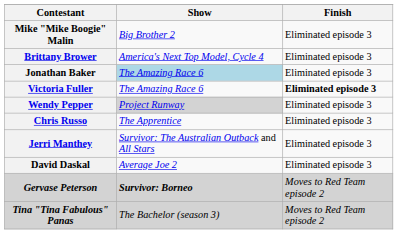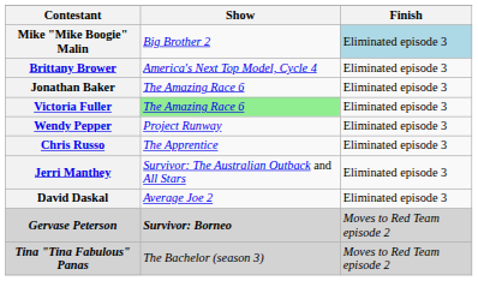 <table class="wikitable plainrowheaders sortable">
 <tr>
 </tr>
 <tr>
 <th scope="col">Contestant</th>
 <th scope="col">Show</th>
 <th scope="col">Finish</th>
 </tr>
 <tr>
 <th scope="row">Mike "Mike Boogie" Malin</th>
 <td><em><a href='#'>Big Brother 2</a></em></td>
-<td>Eliminated episode 3</td>
+<td style="background: lightblue;">Eliminated episode 3</td>
 </tr>
 <tr>
 <th scope="row"><a href='#'>Brittany Brower</a></th>
 <td><em><a href='#'>America's Next Top Model, Cycle 4</a></em></td>
 <td>Eliminated episode 3</td>
 </tr>
 <tr>
 <th scope="row">Jonathan Baker</th>
-<td style="background: lightblue;"><em><a href='#'>The Amazing Race 6</a></em></td>
+<td><em><a href='#'>The Amazing Race 6</a></em></td>
 <td>Eliminated episode 3</td>
 </tr>
 <tr>
 <th scope="row"><a href='#'>Victoria Fuller</a></th>
-<td><em><a href='#'>The Amazing Race 6</a></em></td>
-<td><strong>Eliminated episode 3</strong></td>
+<td style="background: lightgreen;"><em><a href='#'>The Amazing Race 6</a></em></td>
+<td>Eliminated episode 3</td>
 </tr>
 <tr>
 <th scope="row"><a href='#'>Wendy Pepper</a></th>
-<td style="background: lightgrey;"><em><a href='#'>Project Runway</a></em></td>
+<td><em><a href='#'>Project Runway</a></em></td>
 <td>Eliminated episode 3</td>
 </tr>
 <tr>
 <th scope="row"><a href='#'>Chris Russo</a></th>
 <td><em><a href='#'>The Apprentice</a></em></td>
 <td>Eliminated episode 3</td>
 </tr>
 <tr>
 <th scope="row"><a href='#'>Jerri Manthey</a></th>
 <td><em><a href='#'>Survivor: The Australian Outback</a></em> and <em><a href='#'>All Stars</a></em></td>
 <td>Eliminated episode 3</td>
 </tr>
 <tr>
 <th scope="row">David Daskal</th>
 <td><em><a href='#'>Average Joe 2</a></em></td>
 <td>Eliminated episode 3</td>
 </tr>
 <tr style="background-color:lightgray">
 <th scope="row" style="background-color:lightgray"><strong><em>Gervase Peterson</em></strong></th>
 <td><strong><em>Survivor: Borneo</em></strong></td>
 <td><em>Moves to Red Team episode 2</em></td>
 </tr>
 <tr style="background-color:lightgray">
 <th scope="row" style="background-color:lightgray"><em>Tina "Tina Fabulous" Panas</em></th>
 <td><em>The Bachelor (season 3)</em></td>
 <td><em>Moves to Red Team episode 2</em></td>
 </tr>
 </table>
